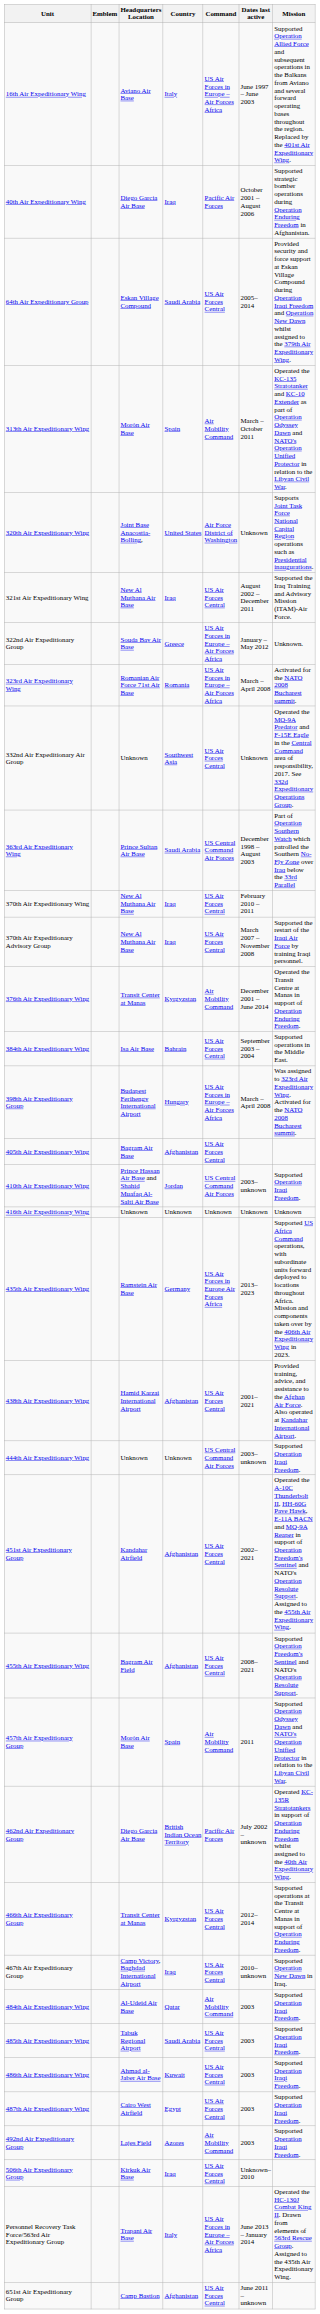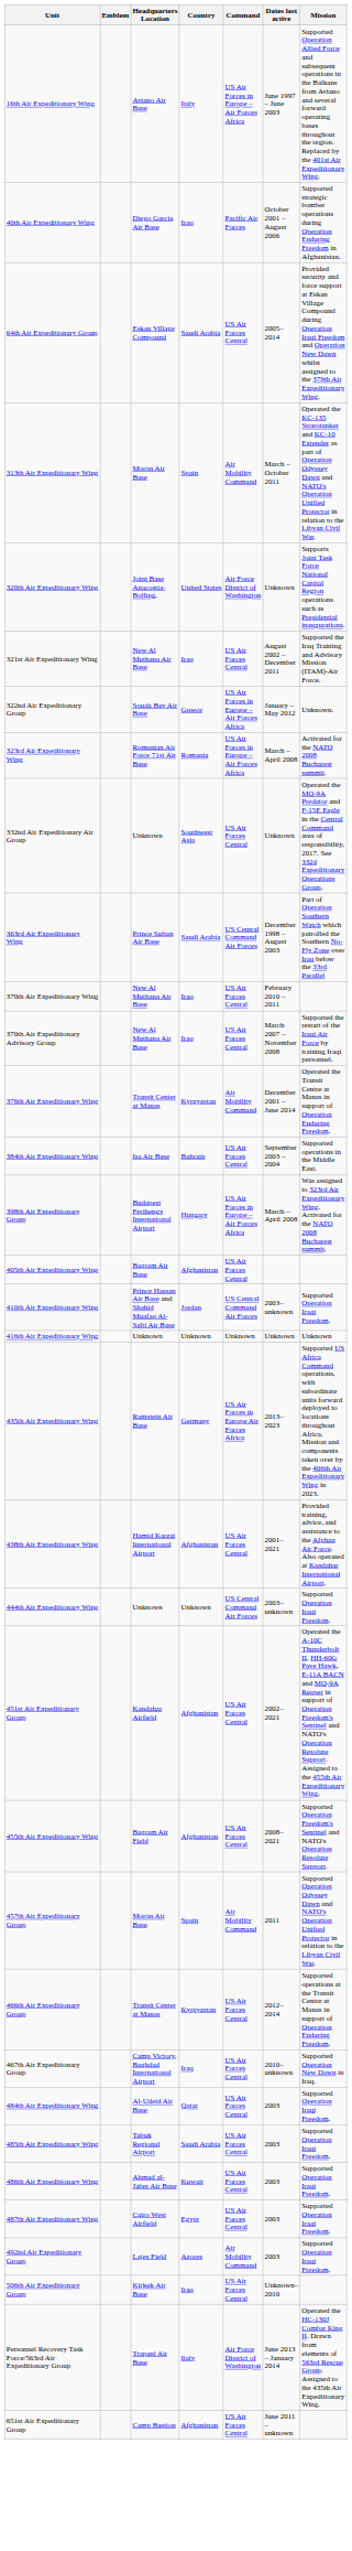 <table class="wikitable sortable">
 <tr>
 <th>Unit</th>
 <th>Emblem</th>
 <th>Headquarters Location</th>
 <th>Country</th>
 <th>Command</th>
 <th>Dates last active</th>
 <th>Mission</th>
 </tr>
 <tr>
 <td><a href='#'>16th Air Expeditionary Wing</a></td>
 <td></td>
 <td><a href='#'>Aviano Air Base</a></td>
 <td> <a href='#'>Italy</a></td>
 <td><a href='#'>US Air Forces in Europe – Air Forces Africa</a></td>
 <td>June 1997 – June 2003</td>
 <td>Supported <a href='#'>Operation Allied Force</a> and subsequent operations in the Balkans from Aviano and several forward operating bases throughout the region. Replaced by the <a href='#'>401st Air Expeditionary Wing</a>.</td>
 </tr>
 <tr>
 <td><a href='#'>40th Air Expeditionary Wing</a></td>
 <td></td>
 <td><a href='#'>Diego Garcia Air Base</a></td>
 <td> <a href='#'>Iraq</a></td>
 <td><a href='#'>Pacific Air Forces</a></td>
 <td>October 2001 – August 2006</td>
 <td>Supported strategic bomber operations during <a href='#'>Operation Enduring Freedom</a> in Afghanistan.</td>
 </tr>
 <tr>
 <td><a href='#'>64th Air Expeditionary Group</a></td>
 <td></td>
 <td><a href='#'>Eskan Village Compound</a></td>
 <td> <a href='#'>Saudi Arabia</a></td>
 <td><a href='#'>US Air Forces Central</a></td>
 <td>2005–2014</td>
 <td>Provided security and force support at Eskan Village Compound during <a href='#'>Operation Iraqi Freedom</a> and <a href='#'>Operation New Dawn</a> whilst assigned to the <a href='#'>379th Air Expeditionary Wing</a>.</td>
 </tr>
 <tr>
 <td style="white-space: nowrap;"><a href='#'>313th Air Expeditionary Wing</a></td>
 <td></td>
 <td><a href='#'>Morón Air Base</a></td>
 <td> <a href='#'>Spain</a></td>
 <td><a href='#'>Air Mobility Command</a></td>
 <td>March – October 2011</td>
 <td>Operated the <a href='#'>KC-135 Stratotanker</a> and <a href='#'>KC-10 Extender</a> as part of <a href='#'>Operation Odyssey Dawn</a> and <a href='#'>NATO's</a> <a href='#'>Operation Unified Protector</a> in relation to the <a href='#'>Libyan Civil War</a>.</td>
 </tr>
 <tr>
 <td><a href='#'>320th Air Expeditionary Wing</a></td>
 <td></td>
 <td><a href='#'>Joint Base Anacostia-Bolling</a>,</td>
 <td style="white-space: nowrap;"> <a href='#'>United States</a></td>
 <td><a href='#'>Air Force District of Washington</a></td>
 <td>Unknown</td>
 <td>Supports <a href='#'>Joint Task Force National Capital Region</a> operations such as <a href='#'>Presidential inaugurations</a>.</td>
 </tr>
 <tr>
 <td>321st Air Expeditionary Wing</td>
 <td></td>
 <td><a href='#'>New Al Muthana Air Base</a></td>
 <td> <a href='#'>Iraq</a></td>
 <td><a href='#'>US Air Forces Central</a></td>
 <td>August 2002 – December 2011</td>
 <td>Supported the Iraq Training and Advisory Mission (ITAM)-Air Force.</td>
 </tr>
 <tr>
 <td>322nd Air Expeditionary Group</td>
 <td></td>
 <td><a href='#'>Souda Bay Air Base</a></td>
 <td> <a href='#'>Greece</a></td>
 <td><a href='#'>US Air Forces in Europe – Air Forces Africa</a></td>
 <td>January – May 2012</td>
 <td>Unknown.</td>
 </tr>
 <tr>
 <td><a href='#'>323rd Air Expeditionary Wing</a></td>
 <td></td>
 <td><a href='#'>Romanian Air Force 71st Air Base</a></td>
 <td> <a href='#'>Romania</a></td>
 <td><a href='#'>US Air Forces in Europe – Air Forces Africa</a></td>
 <td>March – April 2008</td>
 <td>Activated for the <a href='#'>NATO 2008 Bucharest summit</a>.</td>
 </tr>
 <tr>
 <td>332nd Air Expeditionary Air Group</td>
 <td></td>
 <td>Unknown</td>
 <td><a href='#'>Southwest Asia</a></td>
 <td><a href='#'>US Air Forces Central</a></td>
 <td>Unknown</td>
 <td>Operated the <a href='#'>MQ-9A Predator</a> and <a href='#'>F-15E Eagle</a> in the <a href='#'>Central Command</a> area of responsibility, 2017. See <a href='#'>332d Expeditionary Operations Group</a>.</td>
 </tr>
 <tr>
 <td><a href='#'>363rd Air Expeditionary Wing</a></td>
 <td></td>
 <td><a href='#'>Prince Sultan Air Base</a></td>
 <td> <a href='#'>Saudi Arabia</a></td>
 <td><a href='#'>US Central Command Air Forces</a></td>
 <td>December 1998 – August 2003</td>
 <td>Part of <a href='#'>Operation Southern Watch</a> which patrolled the Southern <a href='#'>No-Fly Zone</a> over <a href='#'>Iraq</a> below the <a href='#'>33rd Parallel</a></td>
 </tr>
 <tr>
 <td>370th Air Expeditionary Wing</td>
 <td></td>
 <td><a href='#'>New Al Muthana Air Base</a></td>
 <td> <a href='#'>Iraq</a></td>
 <td><a href='#'>US Air Forces Central</a></td>
 <td>February 2010 – 2011</td>
 <td></td>
 </tr>
 <tr>
 <td>370th Air Expeditionary Advisory Group</td>
 <td></td>
 <td><a href='#'>New Al Muthana Air Base</a></td>
 <td> <a href='#'>Iraq</a></td>
 <td><a href='#'>US Air Forces Central</a></td>
 <td>March 2007 – November 2008</td>
 <td>Supported the restart of the <a href='#'>Iraqi Air Force</a> by training Iraqi personnel.</td>
 </tr>
 <tr>
 <td><a href='#'>376th Air Expeditionary Wing</a></td>
 <td></td>
 <td><a href='#'>Transit Center at Manas</a></td>
 <td> <a href='#'>Kyrgyzstan</a></td>
 <td><a href='#'>Air Mobility Command</a></td>
 <td>December 2001 – June 2014</td>
 <td>Operated the Transit Centre at Manas in support of <a href='#'>Operation Enduring Freedom</a>.</td>
 </tr>
 <tr>
 <td><a href='#'>384th Air Expeditionary Wing</a></td>
 <td></td>
 <td><a href='#'>Isa Air Base</a></td>
 <td> <a href='#'>Bahrain</a></td>
 <td><a href='#'>US Air Forces Central</a></td>
 <td>September 2003 – 2004</td>
 <td>Supported operations in the Middle East.</td>
 </tr>
 <tr>
 <td><a href='#'>398th Air Expeditionary Group</a></td>
 <td></td>
 <td><a href='#'>Budapest Ferihengy International Airport</a></td>
 <td> <a href='#'>Hungary</a></td>
 <td><a href='#'>US Air Forces in Europe – Air Forces Africa</a></td>
 <td>March – April 2008</td>
 <td>Was assigned to <a href='#'>323rd Air Expeditionary Wing</a>. Activated for the <a href='#'>NATO 2008 Bucharest summit</a>.</td>
 </tr>
 <tr>
 <td><a href='#'>405th Air Expeditionary Wing</a></td>
 <td></td>
 <td><a href='#'>Bagram Air Base</a></td>
 <td> <a href='#'>Afghanistan</a></td>
 <td><a href='#'>US Air Forces Central</a></td>
 <td></td>
 <td></td>
 </tr>
 <tr>
 <td><a href='#'>410th Air Expeditionary Wing</a></td>
 <td></td>
 <td><a href='#'>Prince Hassan Air Base</a> and <a href='#'>Shahid Muafaq Al-Salti Air Base</a></td>
 <td> <a href='#'>Jordan</a></td>
 <td><a href='#'>US Central Command Air Forces</a></td>
 <td>2003–unknown</td>
 <td>Supported <a href='#'>Operation Iraqi Freedom</a>.</td>
 </tr>
 <tr>
 <td><a href='#'>416th Air Expeditionary Wing</a></td>
 <td></td>
 <td>Unknown</td>
 <td>Unknown</td>
 <td>Unknown</td>
 <td>Unknown</td>
 <td>Unknown</td>
 </tr>
 <tr>
 <td><a href='#'>435th Air Expeditionary Wing</a></td>
 <td></td>
 <td><a href='#'>Ramstein Air Base</a></td>
 <td> <a href='#'>Germany</a></td>
 <td><a href='#'>US Air Forces in Europe  Air Forces Africa</a></td>
 <td>2013–2023</td>
 <td>Supported <a href='#'>US Africa Command</a> operations, with subordinate units forward deployed to locations throughout Africa. Mission and components taken over by the <a href='#'>406th Air Expeditionary Wing</a> in 2023.</td>
 </tr>
 <tr>
 <td><a href='#'>438th Air Expeditionary Wing</a></td>
 <td></td>
 <td><a href='#'>Hamid Karzai International Airport</a></td>
 <td> <a href='#'>Afghanistan</a></td>
 <td><a href='#'>US Air Forces Central</a></td>
 <td>2001–2021</td>
 <td>Provided training, advice, and assistance to the <a href='#'>Afghan Air Force</a>. Also operated at <a href='#'>Kandahar International Airport</a>.</td>
 </tr>
 <tr>
 <td><a href='#'>444th Air Expeditionary Wing</a></td>
 <td></td>
 <td>Unknown</td>
 <td>Unknown</td>
 <td><a href='#'>US Central Command Air Forces</a></td>
 <td>2003–unknown</td>
 <td>Supported <a href='#'>Operation Iraqi Freedom</a>.</td>
 </tr>
 <tr>
 <td><a href='#'>451st Air Expeditionary Group</a></td>
 <td></td>
 <td><a href='#'>Kandahar Airfield</a></td>
 <td> <a href='#'>Afghanistan</a></td>
 <td><a href='#'>US Air Forces Central</a></td>
 <td>2002–2021</td>
 <td>Operated the <a href='#'>A-10C Thunderbolt II</a>, <a href='#'>HH-60G Pave Hawk</a>, <a href='#'>E-11A BACN</a> and <a href='#'>MQ-9A Reaper</a> in support of <a href='#'>Operation Freedom's Sentinel</a> and NATO's <a href='#'>Operation Resolute Support</a>. Assigned to the <a href='#'>455th Air Expeditionary Wing</a>.</td>
 </tr>
 <tr>
 <td><a href='#'>455th Air Expeditionary Wing</a></td>
 <td></td>
 <td><a href='#'>Bagram Air Field</a></td>
 <td> <a href='#'>Afghanistan</a></td>
 <td><a href='#'>US Air Forces Central</a></td>
 <td>2008–2021</td>
 <td>Supported <a href='#'>Operation Freedom's Sentinel</a> and NATO's <a href='#'>Operation Resolute Support</a>.</td>
 </tr>
 <tr>
 <td><a href='#'>457th Air Expeditionary Group</a></td>
 <td></td>
 <td><a href='#'>Morón Air Base</a></td>
 <td> <a href='#'>Spain</a></td>
 <td><a href='#'>Air Mobility Command</a></td>
 <td>2011</td>
 <td>Supported <a href='#'>Operation Odyssey Dawn</a> and <a href='#'>NATO's</a> <a href='#'>Operation Unified Protector</a> in relation to the <a href='#'>Libyan Civil War</a>.</td>
 </tr>
 <tr>
-<td><a href='#'>462nd Air Expeditionary Group</a></td>
-<td></td>
-<td><a href='#'>Diego Garcia Air Base</a></td>
-<td> <a href='#'>British Indian Ocean Territory</a></td>
-<td><a href='#'>Pacific Air Forces</a></td>
-<td>July 2002 – unknown</td>
-<td>Operated <a href='#'>KC-135R Stratotankers</a> in support of <a href='#'>Operation Enduring Freedom</a> whilst assigned to the <a href='#'>40th Air Expeditionary Wing</a>.</td>
-</tr>
-<tr>
 <td><a href='#'>466th Air Expeditionary Group</a></td>
 <td></td>
 <td><a href='#'>Transit Center at Manas</a></td>
 <td> <a href='#'>Kyrgyzstan</a></td>
 <td><a href='#'>US Air Forces Central</a></td>
 <td>2012–2014</td>
 <td>Supported operations at the Transit Centre at Manas in support of <a href='#'>Operation Enduring Freedom</a>.</td>
 </tr>
 <tr>
 <td>467th Air Expeditionary Group</td>
 <td></td>
 <td><a href='#'>Camp Victory</a>, <a href='#'>Baghdad International Airport</a></td>
 <td> <a href='#'>Iraq</a></td>
 <td><a href='#'>US Air Forces Central</a></td>
 <td>2010–unknown</td>
 <td>Supported <a href='#'>Operation New Dawn</a> in Iraq.</td>
 </tr>
 <tr>
 <td><a href='#'>484th Air Expeditionary Wing</a></td>
 <td></td>
 <td><a href='#'>Al-Udeid Air Base</a></td>
 <td> <a href='#'>Qatar</a></td>
-<td><a href='#'>Air Mobility Command</a></td>
+<td><a href='#'>US Air Forces Central</a></td>
 <td>2003</td>
 <td>Supported <a href='#'>Operation Iraqi Freedom</a>.</td>
 </tr>
 <tr>
 <td><a href='#'>485th Air Expeditionary Wing</a></td>
 <td></td>
 <td><a href='#'>Tabuk Regional Airport</a></td>
 <td> <a href='#'>Saudi Arabia</a></td>
 <td><a href='#'>US Air Forces Central</a></td>
 <td>2003</td>
 <td>Supported <a href='#'>Operation Iraqi Freedom</a>.</td>
 </tr>
 <tr>
 <td><a href='#'>486th Air Expeditionary Wing</a></td>
 <td></td>
 <td><a href='#'>Ahmad al-Jaber Air Base</a></td>
 <td> <a href='#'>Kuwait</a></td>
 <td><a href='#'>US Air Forces Central</a></td>
 <td>2003</td>
 <td>Supported <a href='#'>Operation Iraqi Freedom</a>.</td>
 </tr>
 <tr>
 <td><a href='#'>487th Air Expeditionary Wing</a></td>
 <td></td>
 <td><a href='#'>Cairo West Airfield</a></td>
 <td> <a href='#'>Egypt</a></td>
 <td><a href='#'>US Air Forces Central</a></td>
 <td>2003</td>
 <td>Supported <a href='#'>Operation Iraqi Freedom</a>.</td>
 </tr>
 <tr>
 <td><a href='#'>492nd Air Expeditionary Group</a></td>
 <td></td>
 <td><a href='#'>Lajes Field</a></td>
 <td> <a href='#'>Azores</a></td>
 <td><a href='#'>Air Mobility Command</a></td>
 <td>2003</td>
 <td>Supported <a href='#'>Operation Iraqi Freedom</a>.</td>
 </tr>
 <tr>
 <td><a href='#'>506th Air Expeditionary Group</a></td>
 <td></td>
 <td><a href='#'>Kirkuk Air Base</a></td>
 <td> <a href='#'>Iraq</a></td>
 <td><a href='#'>US Air Forces Central</a></td>
 <td>Unknown–2010</td>
 <td></td>
 </tr>
 <tr>
 <td>Personnel Recovery Task Force/563rd Air Expeditionary Group</td>
 <td></td>
 <td><a href='#'>Trapani Air Base</a></td>
 <td> <a href='#'>Italy</a></td>
-<td><a href='#'>US Air Forces in Europe – Air Forces Africa</a></td>
+<td><a href='#'>Air Force District of Washington</a></td>
 <td>June 2013 – January 2014</td>
 <td>Operated the <a href='#'>HC-130J Combat King II</a>. Drawn from elements of <a href='#'>563rd Rescue Group</a>. Assigned to the 435th Air Expeditionary Wing.</td>
 </tr>
 <tr>
 <td>651st Air Expeditionary Group</td>
 <td></td>
 <td><a href='#'>Camp Bastion</a></td>
 <td> <a href='#'>Afghanistan</a></td>
 <td><a href='#'>US Air Forces Central</a></td>
 <td>June 2011 – unknown</td>
 <td></td>
 </tr>
 </table>
